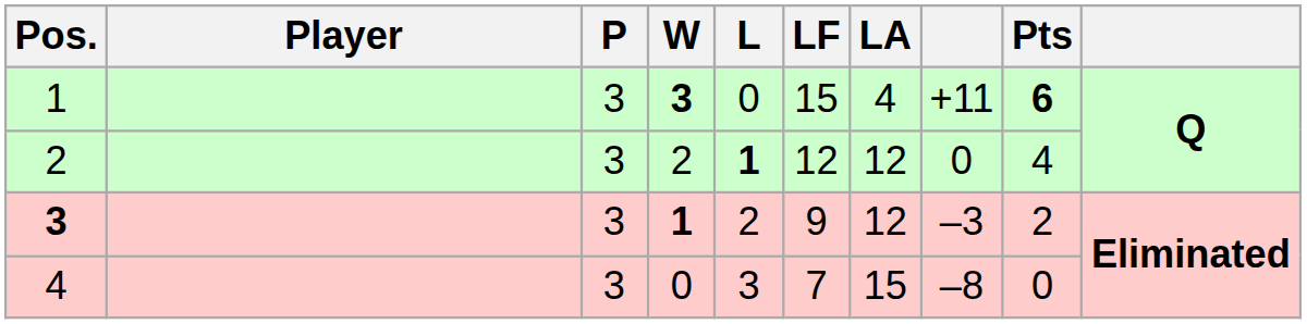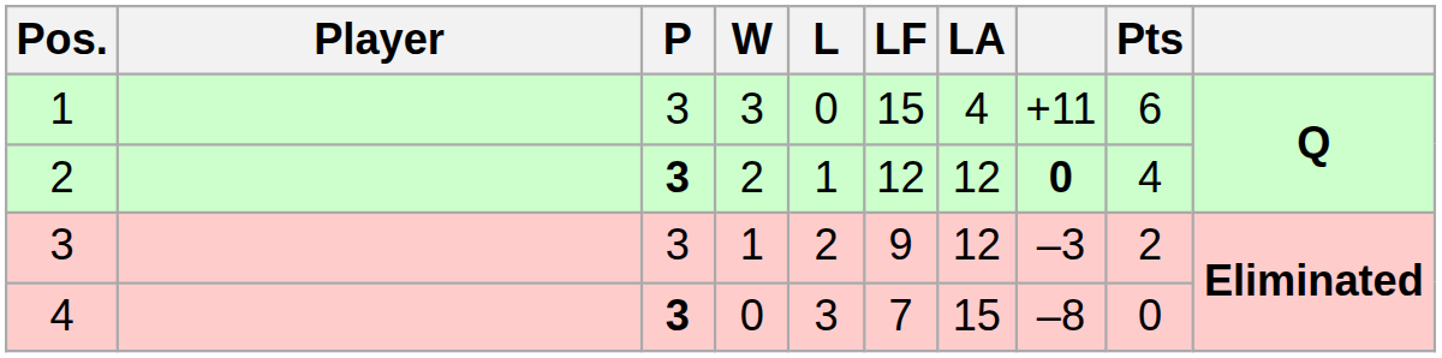 <table class="wikitable" style="text-align:center; margin: 1em auto 1em auto, align:left">
 <tr>
 <th width=20>Pos.</th>
 <th width=185>Player</th>
 <th width=20>P</th>
 <th width=20>W</th>
 <th width=20>L</th>
 <th width=20>LF</th>
 <th width=20>LA</th>
 <th width=25></th>
 <th width=20>Pts</th>
 <th width=70></th>
 </tr>
 <tr style="background:#CCFFCC;">
 <td>1</td>
 <td style="text-align:left"></td>
 <td>3</td>
-<td><strong>3</strong></td>
+<td>3</td>
 <td>0</td>
 <td>15</td>
 <td>4</td>
 <td>+11</td>
-<td><strong>6</strong></td>
+<td>6</td>
 <td rowspan=2><strong>Q</strong></td>
 </tr>
 <tr style="background:#CCFFCC;">
 <td>2</td>
 <td style="text-align:left"></td>
-<td>3</td>
+<td><strong>3</strong></td>
 <td>2</td>
-<td><strong>1</strong></td>
+<td>1</td>
 <td>12</td>
 <td>12</td>
-<td>0</td>
+<td><strong>0</strong></td>
 <td>4</td>
 </tr>
 <tr style="background:#FFCCCC;">
-<td><strong>3</strong></td>
+<td>3</td>
 <td style="text-align:left"></td>
 <td>3</td>
-<td><strong>1</strong></td>
+<td>1</td>
 <td>2</td>
 <td>9</td>
 <td>12</td>
 <td>–3</td>
 <td>2</td>
 <td rowspan=2><strong>Eliminated</strong></td>
 </tr>
 <tr style="background:#FFCCCC;">
 <td>4</td>
 <td style="text-align:left"></td>
-<td>3</td>
+<td><strong>3</strong></td>
 <td>0</td>
 <td>3</td>
 <td>7</td>
 <td>15</td>
 <td>–8</td>
 <td>0</td>
 </tr>
 </table>
